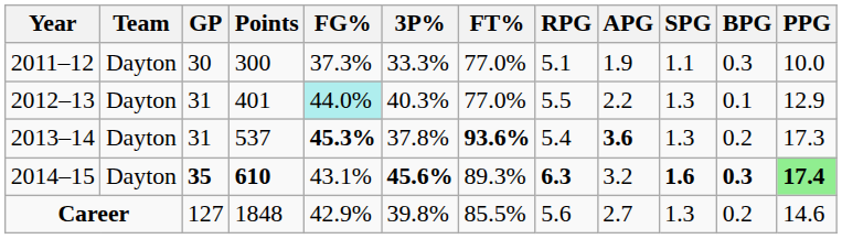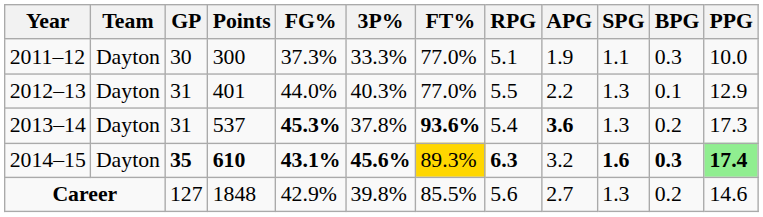 <table class="wikitable sortable">
 <tr>
 <th>Year</th>
 <th>Team</th>
 <th>GP</th>
 <th>Points</th>
 <th>FG%</th>
 <th>3P%</th>
 <th>FT%</th>
 <th>RPG</th>
 <th>APG</th>
 <th>SPG</th>
 <th>BPG</th>
 <th>PPG</th>
 </tr>
 <tr>
 <td>2011–12</td>
 <td>Dayton</td>
 <td>30</td>
 <td>300</td>
 <td>37.3%</td>
 <td>33.3%</td>
 <td>77.0%</td>
 <td>5.1</td>
 <td>1.9</td>
 <td>1.1</td>
 <td>0.3</td>
 <td>10.0</td>
 </tr>
 <tr>
 <td>2012–13</td>
 <td>Dayton</td>
 <td>31</td>
 <td>401</td>
-<td style="background: paleturquoise;">44.0%</td>
+<td>44.0%</td>
 <td>40.3%</td>
 <td>77.0%</td>
 <td>5.5</td>
 <td>2.2</td>
 <td>1.3</td>
 <td>0.1</td>
 <td>12.9</td>
 </tr>
 <tr>
 <td>2013–14</td>
 <td>Dayton</td>
 <td>31</td>
 <td>537</td>
 <td><strong>45.3%</strong></td>
 <td>37.8%</td>
 <td><strong>93.6%</strong></td>
 <td>5.4</td>
 <td><strong>3.6</strong></td>
 <td>1.3</td>
 <td>0.2</td>
 <td>17.3</td>
 </tr>
 <tr>
 <td>2014–15</td>
 <td>Dayton</td>
 <td><strong>35</strong></td>
 <td><strong>610</strong></td>
-<td>43.1%</td>
+<td><strong>43.1%</strong></td>
 <td><strong>45.6%</strong></td>
-<td>89.3%</td>
+<td style="background: gold;">89.3%</td>
 <td><strong>6.3</strong></td>
 <td>3.2</td>
 <td><strong>1.6</strong></td>
 <td><strong>0.3</strong></td>
 <td style="background: lightgreen;"><strong>17.4</strong></td>
 </tr>
 <tr class="sortbottom">
 <td align= center colspan=2><strong>Career</strong></td>
 <td>127</td>
 <td>1848</td>
 <td>42.9%</td>
 <td>39.8%</td>
 <td>85.5%</td>
 <td>5.6</td>
 <td>2.7</td>
 <td>1.3</td>
 <td>0.2</td>
 <td>14.6</td>
 </tr>
 </table>
